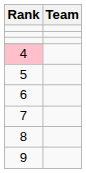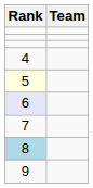 <table class=wikitable style="text-align:center">
 <tr>
 <th>Rank</th>
 <th>Team</th>
 </tr>
 <tr>
 <td></td>
 <td align=left></td>
 </tr>
 <tr>
 <td></td>
 <td align=left></td>
 </tr>
 <tr>
 <td></td>
 <td align=left></td>
 </tr>
 <tr>
-<td style="background: pink;">4</td>
+<td>4</td>
 <td align=left></td>
 </tr>
 <tr>
-<td>5</td>
+<td style="background: lightyellow;">5</td>
 <td align=left></td>
 </tr>
 <tr>
-<td>6</td>
+<td style="background: lavender;">6</td>
 <td align=left></td>
 </tr>
 <tr>
 <td>7</td>
 <td align=left></td>
 </tr>
 <tr>
-<td>8</td>
+<td style="background: lightblue;">8</td>
 <td align=left></td>
 </tr>
 <tr>
 <td>9</td>
 <td align=left></td>
 </tr>
 </table>
